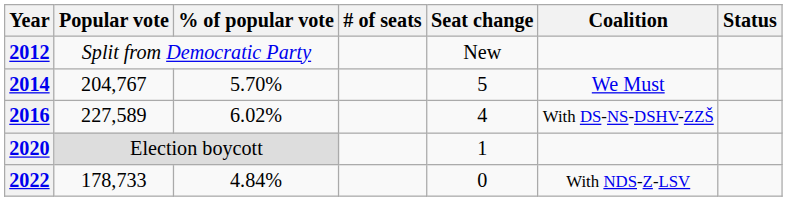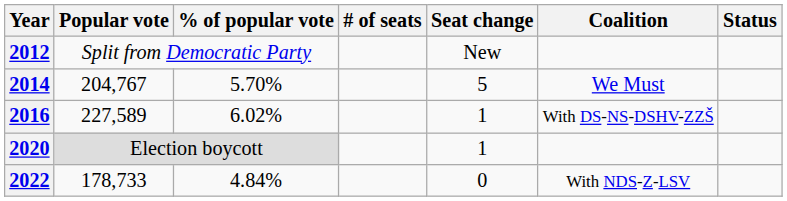 <table class="wikitable sortable" style="text-align:center">
 <tr>
 <th>Year</th>
 <th>Popular vote</th>
 <th>% of popular vote</th>
 <th># of seats</th>
 <th>Seat change</th>
 <th>Coalition</th>
 <th>Status</th>
 </tr>
 <tr>
 <th><a href='#'>2012</a></th>
 <td colspan=2><em>Split from <a href='#'>Democratic Party</a></em></td>
 <td></td>
 <td>New</td>
 <td></td>
 <td></td>
 </tr>
 <tr>
 <th><a href='#'>2014</a></th>
 <td>204,767</td>
 <td>5.70%</td>
 <td></td>
 <td> 5</td>
 <td><a href='#'>We Must</a></td>
 <td></td>
 </tr>
 <tr>
 <th><a href='#'>2016</a></th>
 <td>227,589</td>
 <td>6.02%</td>
 <td></td>
-<td> 4</td>
+<td> 1</td>
 <td><small>With <a href='#'>DS</a>-<a href='#'>NS</a>-<a href='#'>DSHV</a>-<a href='#'>ZZŠ</a></small></td>
 <td></td>
 </tr>
 <tr>
 <th><a href='#'>2020</a></th>
 <td colspan=2 style="background:#ddd;">Election boycott</td>
 <td></td>
 <td> 1</td>
 <td></td>
 <td></td>
 </tr>
 <tr>
 <th><a href='#'>2022</a></th>
 <td>178,733</td>
 <td>4.84%</td>
 <td></td>
 <td> 0</td>
 <td><small>With <a href='#'>NDS</a>-<a href='#'>Z</a>-<a href='#'>LSV</a></small></td>
 <td></td>
 </tr>
 </table>
